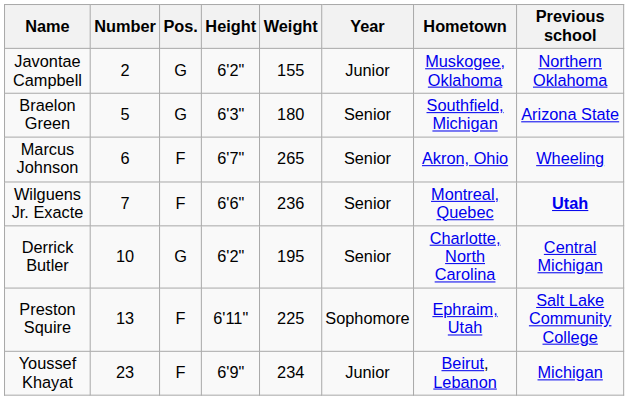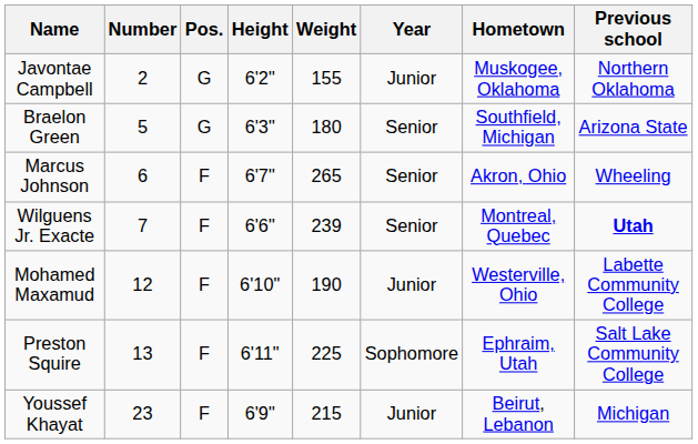 <table class="wikitable sortable" style="text-align:center">
 <tr align=center>
 <th>Name</th>
 <th>Number</th>
 <th>Pos.</th>
 <th>Height</th>
 <th>Weight</th>
 <th>Year</th>
 <th>Hometown</th>
 <th class="unsortable">Previous school</th>
 </tr>
 <tr>
 <td>Javontae Campbell</td>
 <td>2</td>
 <td>G</td>
 <td>6'2"</td>
 <td>155</td>
 <td>Junior</td>
 <td><a href='#'>Muskogee, Oklahoma</a></td>
 <td><a href='#'>Northern Oklahoma</a></td>
 </tr>
 <tr>
 <td>Braelon Green</td>
 <td>5</td>
 <td>G</td>
 <td>6'3"</td>
 <td>180</td>
 <td>Senior</td>
 <td><a href='#'>Southfield, Michigan</a></td>
 <td><a href='#'>Arizona State</a></td>
 </tr>
 <tr>
 <td>Marcus Johnson</td>
 <td>6</td>
 <td>F</td>
 <td>6'7"</td>
 <td>265</td>
 <td>Senior</td>
 <td><a href='#'>Akron, Ohio</a></td>
 <td><a href='#'>Wheeling</a></td>
 </tr>
 <tr>
 <td>Wilguens Jr. Exacte</td>
 <td>7</td>
 <td>F</td>
 <td>6'6"</td>
-<td>236</td>
+<td>239</td>
 <td>Senior</td>
 <td><a href='#'>Montreal, Quebec</a></td>
 <td><strong><a href='#'>Utah</a></strong></td>
 </tr>
 <tr>
-<td>Derrick Butler</td>
-<td>10</td>
-<td>G</td>
-<td>6'2"</td>
-<td>195</td>
-<td>Senior</td>
-<td><a href='#'>Charlotte, North Carolina</a></td>
-<td><a href='#'>Central Michigan</a></td>
+<td>Mohamed Maxamud</td>
+<td>12</td>
+<td>F</td>
+<td>6'10"</td>
+<td>190</td>
+<td>Junior</td>
+<td><a href='#'>Westerville, Ohio</a></td>
+<td><a href='#'>Labette Community College</a></td>
 </tr>
 <tr>
 <td>Preston Squire</td>
 <td>13</td>
 <td>F</td>
 <td>6'11"</td>
 <td>225</td>
 <td>Sophomore</td>
 <td><a href='#'>Ephraim, Utah</a></td>
 <td><a href='#'>Salt Lake Community College</a></td>
 </tr>
 <tr>
 <td>Youssef Khayat</td>
 <td>23</td>
 <td>F</td>
 <td>6'9"</td>
-<td>234</td>
+<td>215</td>
 <td>Junior</td>
 <td><a href='#'>Beirut</a>, <a href='#'>Lebanon</a></td>
 <td><a href='#'>Michigan</a></td>
 </tr>
 </table>
